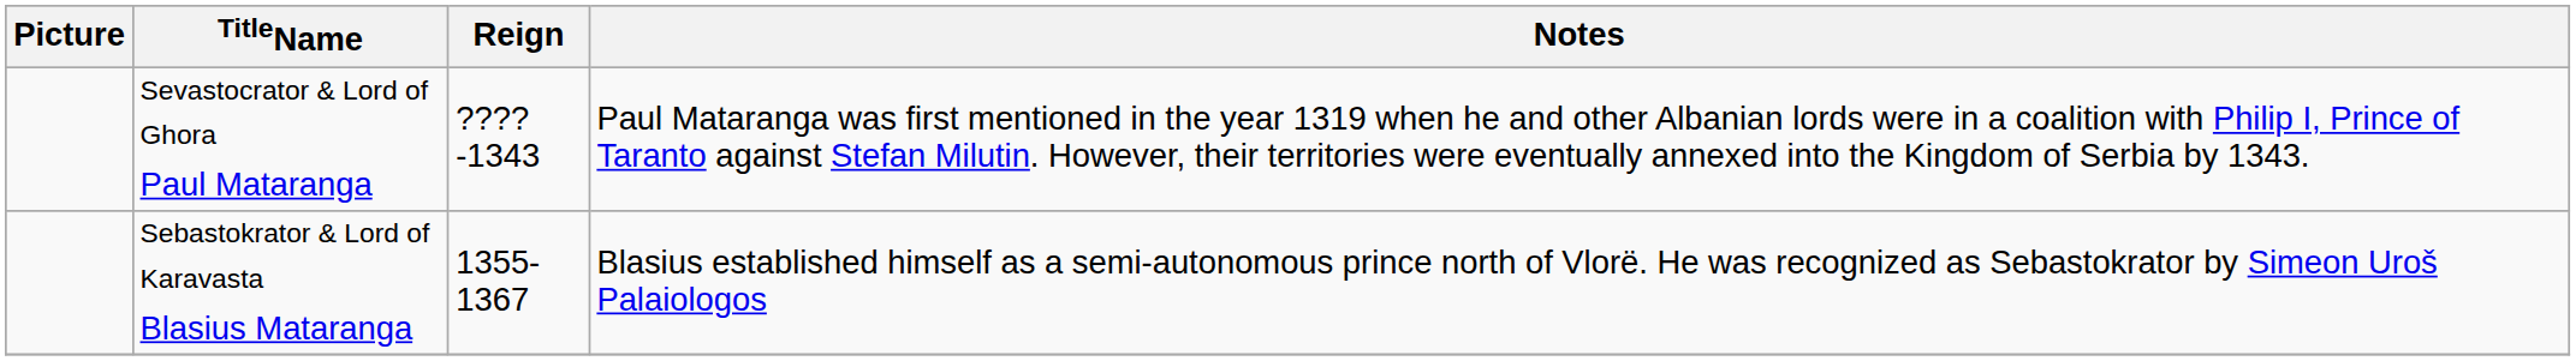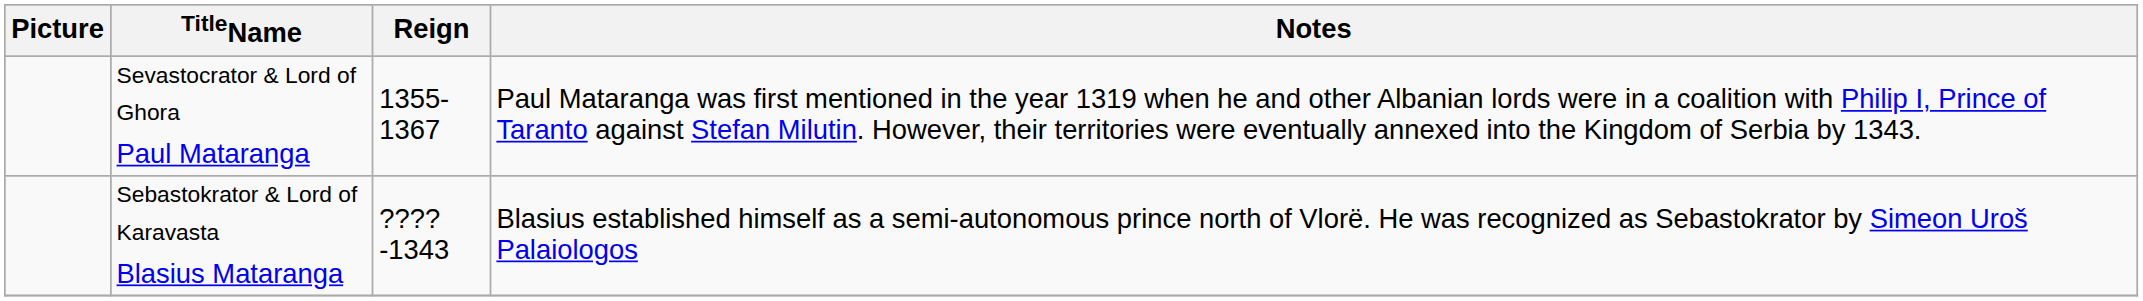 <table class="wikitable">
 <tr ->
 <th>Picture</th>
 <th><sup>Title</sup>Name</th>
 <th>Reign</th>
 <th>Notes</th>
 </tr>
 <tr ->
 <td></td>
 <td><sup>Sevastocrator & Lord of Ghora</sup><br><a href='#'>Paul Mataranga</a></td>
-<td>????-1343</td>
+<td>1355-1367</td>
 <td>Paul Mataranga was first mentioned in the year 1319 when he and other Albanian lords were in a coalition with <a href='#'>Philip I, Prince of Taranto</a> against <a href='#'>Stefan Milutin</a>. However, their territories were eventually annexed into the Kingdom of Serbia by 1343.</td>
 </tr>
 <tr ->
 <td></td>
 <td><sup>Sebastokrator & Lord of Karavasta</sup><br><a href='#'>Blasius Mataranga</a></td>
-<td>1355-1367</td>
+<td>????-1343</td>
 <td>Blasius established himself as a semi-autonomous prince north of Vlorë. He was recognized as Sebastokrator by <a href='#'>Simeon Uroš Palaiologos</a></td>
 </tr>
 <tr ->
 </tr>
 </table>
